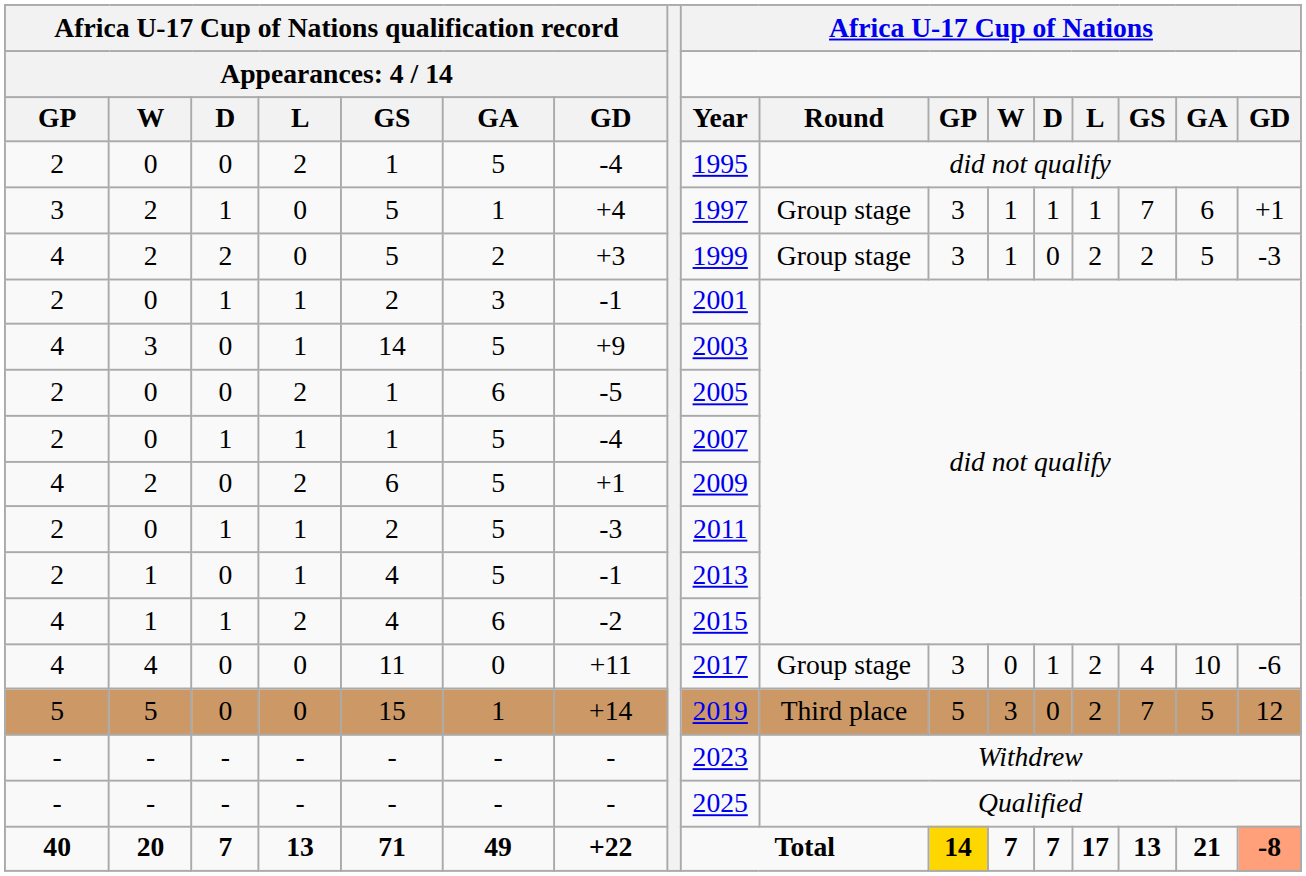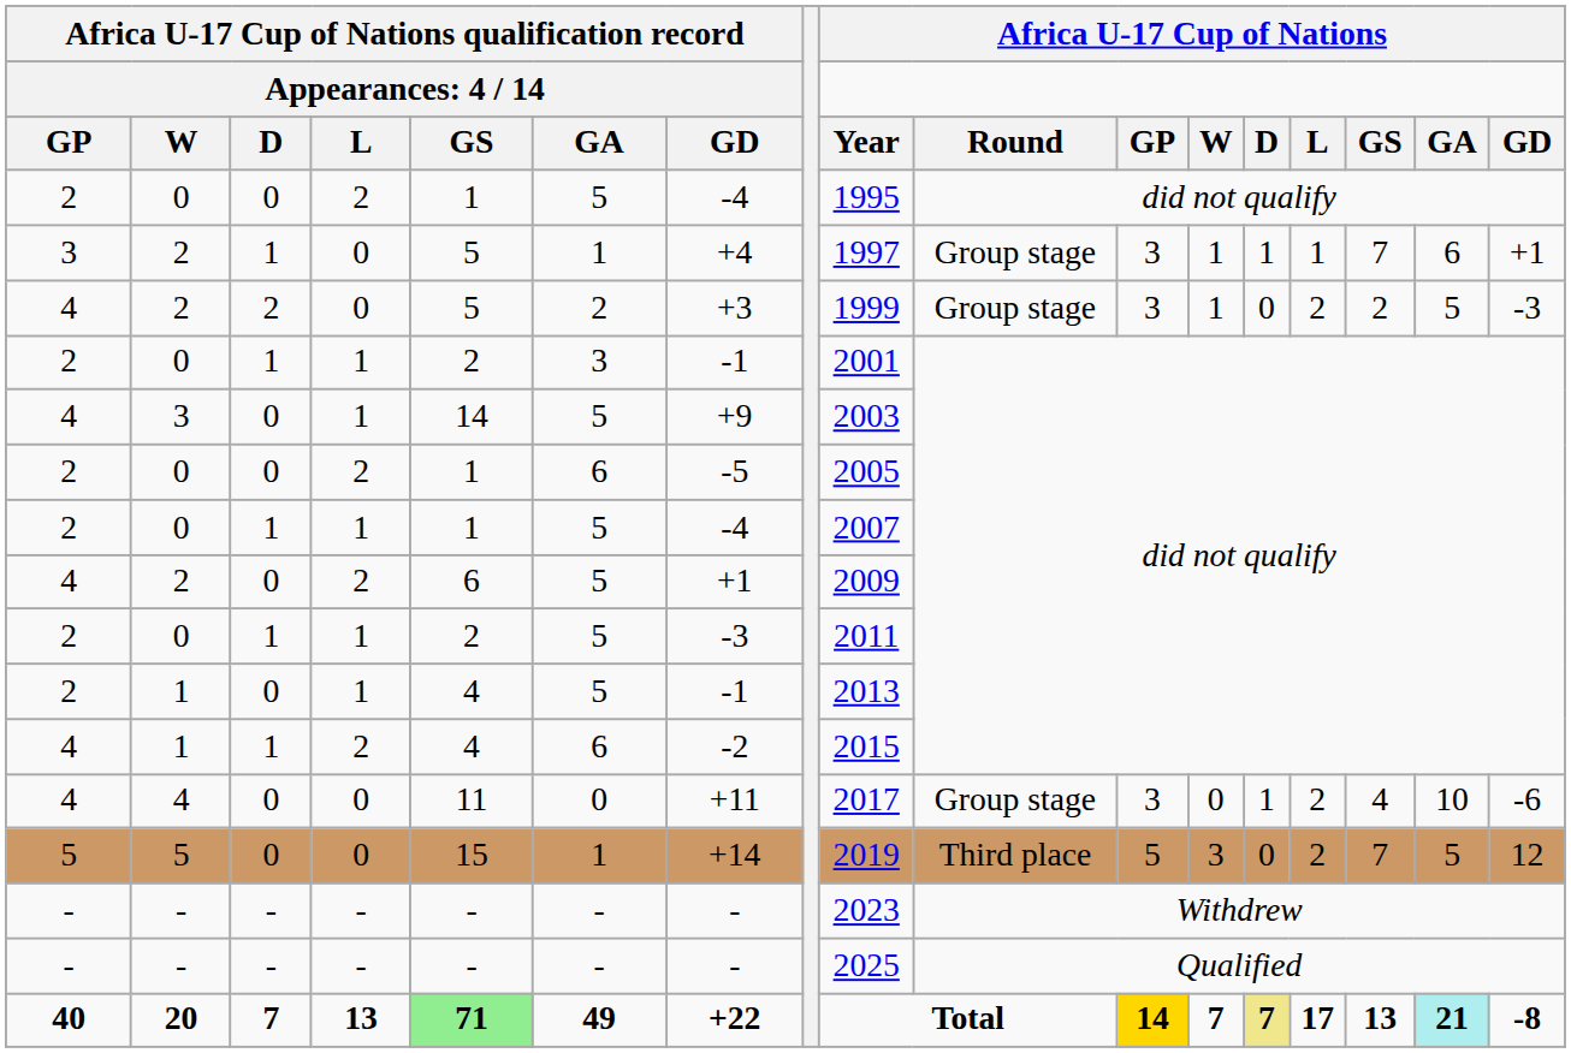 <table class="wikitable" style="text-align: center;font-size:90%;">
 <tr>
 <th colspan=7>Africa U-17 Cup of Nations qualification record</th>
 <th width=1% rowspan=23></th>
 <th colspan=9><a href='#'>Africa U-17 Cup of Nations</a></th>
 </tr>
 <tr>
 <th colspan=7>Appearances: 4 / 14</th>
 </tr>
 <tr>
 <th>GP</th>
 <th>W</th>
 <th>D</th>
 <th>L</th>
 <th>GS</th>
 <th>GA</th>
 <th>GD</th>
 <th>Year</th>
 <th>Round</th>
 <th>GP</th>
 <th>W</th>
 <th>D</th>
 <th>L</th>
 <th>GS</th>
 <th>GA</th>
 <th>GD</th>
 </tr>
 <tr>
 <td>2</td>
 <td>0</td>
 <td>0</td>
 <td>2</td>
 <td>1</td>
 <td>5</td>
 <td>-4</td>
 <td> <a href='#'>1995</a></td>
 <td colspan=8><em>did not qualify</em></td>
 </tr>
 <tr>
 <td>3</td>
 <td>2</td>
 <td>1</td>
 <td>0</td>
 <td>5</td>
 <td>1</td>
 <td>+4</td>
 <td> <a href='#'>1997</a></td>
 <td>Group stage</td>
 <td>3</td>
 <td>1</td>
 <td>1</td>
 <td>1</td>
 <td>7</td>
 <td>6</td>
 <td>+1</td>
 </tr>
 <tr>
 <td>4</td>
 <td>2</td>
 <td>2</td>
 <td>0</td>
 <td>5</td>
 <td>2</td>
 <td>+3</td>
 <td> <a href='#'>1999</a></td>
 <td>Group stage</td>
 <td>3</td>
 <td>1</td>
 <td>0</td>
 <td>2</td>
 <td>2</td>
 <td>5</td>
 <td>-3</td>
 </tr>
 <tr>
 <td>2</td>
 <td>0</td>
 <td>1</td>
 <td>1</td>
 <td>2</td>
 <td>3</td>
 <td>-1</td>
 <td> <a href='#'>2001</a></td>
 <td rowspan=8 colspan=8><em>did not qualify</em></td>
 </tr>
 <tr>
 <td>4</td>
 <td>3</td>
 <td>0</td>
 <td>1</td>
 <td>14</td>
 <td>5</td>
 <td>+9</td>
 <td> <a href='#'>2003</a></td>
 </tr>
 <tr>
 <td>2</td>
 <td>0</td>
 <td>0</td>
 <td>2</td>
 <td>1</td>
 <td>6</td>
 <td>-5</td>
 <td> <a href='#'>2005</a></td>
 </tr>
 <tr>
 <td>2</td>
 <td>0</td>
 <td>1</td>
 <td>1</td>
 <td>1</td>
 <td>5</td>
 <td>-4</td>
 <td> <a href='#'>2007</a></td>
 </tr>
 <tr>
 <td>4</td>
 <td>2</td>
 <td>0</td>
 <td>2</td>
 <td>6</td>
 <td>5</td>
 <td>+1</td>
 <td> <a href='#'>2009</a></td>
 </tr>
 <tr>
 <td>2</td>
 <td>0</td>
 <td>1</td>
 <td>1</td>
 <td>2</td>
 <td>5</td>
 <td>-3</td>
 <td> <a href='#'>2011</a></td>
 </tr>
 <tr>
 <td>2</td>
 <td>1</td>
 <td>0</td>
 <td>1</td>
 <td>4</td>
 <td>5</td>
 <td>-1</td>
 <td> <a href='#'>2013</a></td>
 </tr>
 <tr>
 <td>4</td>
 <td>1</td>
 <td>1</td>
 <td>2</td>
 <td>4</td>
 <td>6</td>
 <td>-2</td>
 <td> <a href='#'>2015</a></td>
 </tr>
 <tr>
 <td>4</td>
 <td>4</td>
 <td>0</td>
 <td>0</td>
 <td>11</td>
 <td>0</td>
 <td>+11</td>
 <td> <a href='#'>2017</a></td>
 <td>Group stage</td>
 <td>3</td>
 <td>0</td>
 <td>1</td>
 <td>2</td>
 <td>4</td>
 <td>10</td>
 <td>-6</td>
 </tr>
 <tr style="background:#cc9966;">
 <td>5</td>
 <td>5</td>
 <td>0</td>
 <td>0</td>
 <td>15</td>
 <td>1</td>
 <td>+14</td>
 <td> <a href='#'>2019</a></td>
 <td>Third place</td>
 <td>5</td>
 <td>3</td>
 <td>0</td>
 <td>2</td>
 <td>7</td>
 <td>5</td>
 <td>12</td>
 </tr>
 <tr>
 <td>-</td>
 <td>-</td>
 <td>-</td>
 <td>-</td>
 <td>-</td>
 <td>-</td>
 <td>-</td>
 <td> <a href='#'>2023</a></td>
 <td colspan=8><em>Withdrew</em></td>
 </tr>
 <tr>
 <td>-</td>
 <td>-</td>
 <td>-</td>
 <td>-</td>
 <td>-</td>
 <td>-</td>
 <td>-</td>
 <td> <a href='#'>2025</a></td>
 <td colspan=8><em>Qualified</em></td>
 </tr>
 <tr>
 <td><strong>40</strong></td>
 <td><strong>20</strong></td>
 <td><strong>7</strong></td>
 <td><strong>13</strong></td>
-<td><strong>71</strong></td>
+<td style="background: lightgreen;"><strong>71</strong></td>
 <td><strong>49</strong></td>
 <td><strong>+22</strong></td>
 <td colspan=2><strong>Total</strong></td>
 <td style="background: gold;"><strong>14</strong></td>
 <td><strong>7</strong></td>
-<td><strong>7</strong></td>
+<td style="background: khaki;"><strong>7</strong></td>
 <td><strong>17</strong></td>
 <td><strong>13</strong></td>
-<td><strong>21</strong></td>
-<td style="background: lightsalmon;"><strong>-8</strong></td>
+<td style="background: paleturquoise;"><strong>21</strong></td>
+<td><strong>-8</strong></td>
 </tr>
 </table>
